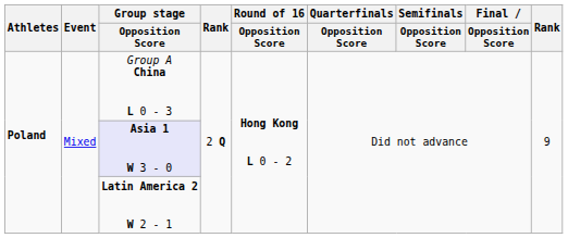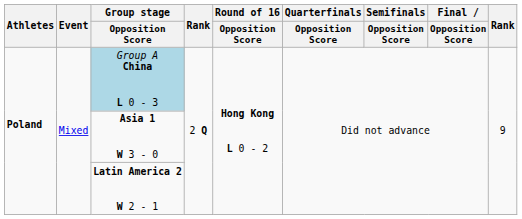 <table class=wikitable style="font-size:90%">
 <tr>
 <th rowspan="2">Athletes</th>
 <th rowspan="2">Event</th>
 <th>Group stage</th>
 <th rowspan="2">Rank</th>
 <th>Round of 16</th>
 <th>Quarterfinals</th>
 <th>Semifinals</th>
 <th>Final / </th>
 <th rowspan=2>Rank</th>
 </tr>
 <tr style="font-size:95%">
 <th>Opposition<br>Score</th>
 <th>Opposition<br>Score</th>
 <th>Opposition<br>Score</th>
 <th>Opposition<br>Score</th>
 <th>Opposition<br>Score</th>
 </tr>
 <tr align=center>
 <td align=left rowspan=3><strong>Poland</strong><br><br></td>
 <td align=left rowspan=3><a href='#'>Mixed</a></td>
-<td><em>Group A</em><br><strong>China</strong><br><br><br><strong>L</strong> 0 - 3</td>
+<td style="background: lightblue;"><em>Group A</em><br><strong>China</strong><br><br><br><strong>L</strong> 0 - 3</td>
 <td rowspan=3>2 <strong>Q</strong></td>
 <td rowspan=3><strong>Hong Kong</strong><br><br><br><strong>L</strong> 0 - 2</td>
 <td rowspan=3 colspan=3>Did not advance</td>
 <td rowspan=3>9</td>
 </tr>
 <tr align=center>
-<td style="background: lavender;"><strong>Asia 1</strong><br><br><br><strong>W</strong> 3 - 0</td>
+<td><strong>Asia 1</strong><br><br><br><strong>W</strong> 3 - 0</td>
 </tr>
 <tr align=center>
 <td><strong>Latin America 2</strong><br><br><br><strong>W</strong> 2 - 1</td>
 </tr>
 </table>
